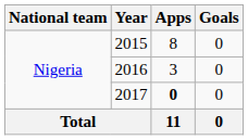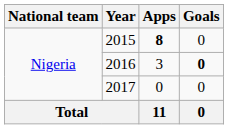 <table class="wikitable" style="text-align:center">
 <tr>
 <th>National team</th>
 <th>Year</th>
 <th>Apps</th>
 <th>Goals</th>
 </tr>
 <tr>
 <td rowspan="3"><a href='#'>Nigeria</a></td>
 <td>2015</td>
-<td>8</td>
+<td><strong>8</strong></td>
 <td>0</td>
 </tr>
 <tr>
 <td>2016</td>
 <td>3</td>
-<td>0</td>
+<td><strong>0</strong></td>
 </tr>
 <tr>
 <td>2017</td>
-<td><strong>0</strong></td>
+<td>0</td>
 <td>0</td>
 </tr>
 <tr>
 <th colspan=2>Total</th>
 <th>11</th>
 <th>0</th>
 </tr>
 </table>
